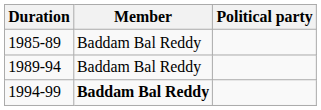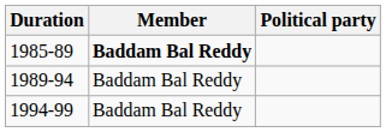 <table class="wikitable sortable">
 <tr>
 <th>Duration</th>
 <th>Member</th>
 <th colspan="2">Political party</th>
 </tr>
 <tr>
 <td>1985-89</td>
-<td>Baddam Bal Reddy</td>
+<td><strong>Baddam Bal Reddy</strong></td>
 <td></td>
 </tr>
 <tr>
 <td>1989-94</td>
 <td>Baddam Bal Reddy</td>
 <td></td>
 </tr>
 <tr>
 <td>1994-99</td>
-<td><strong>Baddam Bal Reddy</strong></td>
+<td>Baddam Bal Reddy</td>
 <td></td>
 </tr>
 </table>
